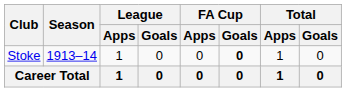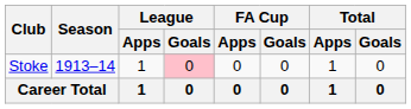 <table class="wikitable" style="text-align: center;">
 <tr>
 <th rowspan="2">Club</th>
 <th rowspan="2">Season</th>
 <th colspan="2">League</th>
 <th colspan="2">FA Cup</th>
 <th colspan="2">Total</th>
 </tr>
 <tr>
 <th>Apps</th>
 <th>Goals</th>
 <th>Apps</th>
 <th>Goals</th>
 <th>Apps</th>
 <th>Goals</th>
 </tr>
 <tr>
 <td><a href='#'>Stoke</a></td>
 <td><a href='#'>1913–14</a></td>
 <td>1</td>
+<td style="background: pink;">0</td>
 <td>0</td>
 <td>0</td>
-<td><strong>0</strong></td>
 <td>1</td>
 <td>0</td>
 </tr>
 <tr>
 <th colspan="2">Career Total</th>
 <th>1</th>
 <th>0</th>
 <th>0</th>
 <th>0</th>
 <th>1</th>
 <th>0</th>
 </tr>
 </table>
